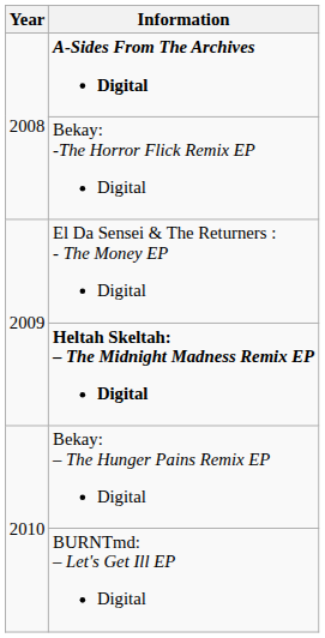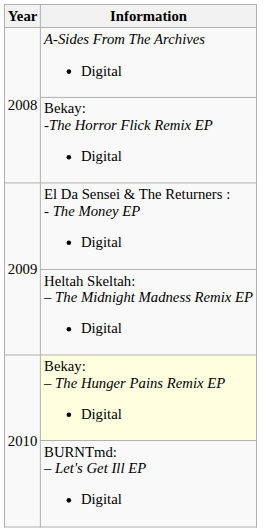 <table class="wikitable">
 <tr>
 <th style="text-align:center;">Year</th>
 <th style="text-align:center;">Information</th>
 </tr>
 <tr>
 <td rowspan="2">2008</td>
-<td align="left"><strong><em>A-Sides From The Archives</em><br><ul><li>Digital</li></ul></strong></td>
+<td align="left"><em>A-Sides From The Archives</em><br><ul><li>Digital</li></ul></td>
 </tr>
 <tr>
 <td align="left">Bekay:<br>-<em>The Horror Flick Remix EP</em><br><ul><li>Digital</li></ul></td>
 </tr>
 <tr>
 <td rowspan="2">2009</td>
 <td align="left">El Da Sensei & The Returners :<br>- <em>The Money EP </em><br><ul><li>Digital</li></ul></td>
 </tr>
 <tr>
-<td align="left"><strong>Heltah Skeltah:<br> – <em>The Midnight Madness Remix EP</em><br><ul><li>Digital</li></ul></strong></td>
+<td align="left">Heltah Skeltah:<br> – <em>The Midnight Madness Remix EP</em><br><ul><li>Digital</li></ul></td>
 </tr>
 <tr>
 <td rowspan="2">2010</td>
-<td align="left">Bekay:<br> – <em>The Hunger Pains Remix EP</em><br><ul><li>Digital</li></ul></td>
+<td align="left" style="background: lightyellow;">Bekay:<br> – <em>The Hunger Pains Remix EP</em><br><ul><li>Digital</li></ul></td>
 </tr>
 <tr>
 <td align="left">BURNTmd:<br> – <em>Let's Get Ill EP</em><br><ul><li>Digital</li></ul></td>
 </tr>
 </table>
